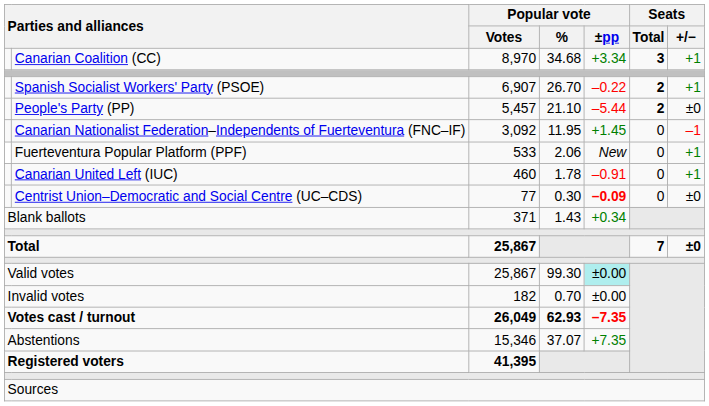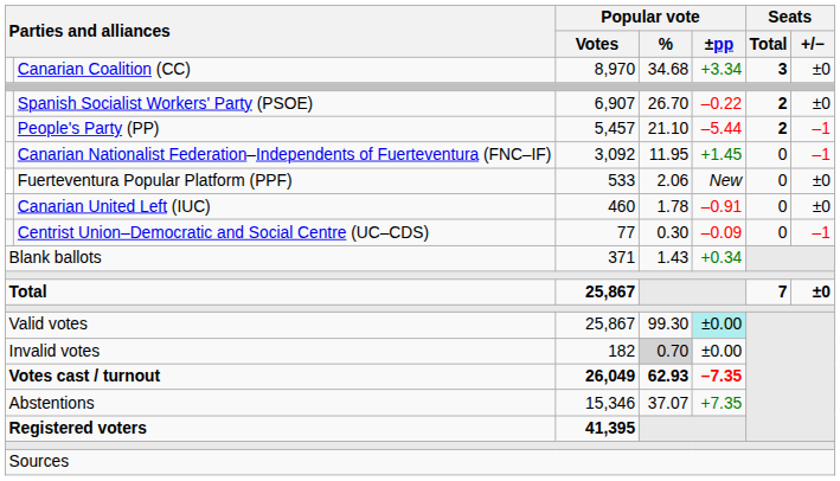 <table class="wikitable" style="text-align:right;">
 <tr>
 <th style="text-align:left;" rowspan="2" colspan="2" width="525">Parties and alliances</th>
 <th colspan="3">Popular vote</th>
 <th colspan="2">Seats</th>
 </tr>
 <tr>
 <th width="75">Votes</th>
 <th width="45">%</th>
 <th width="45">±<a href='#'>pp</a></th>
 <th width="35">Total</th>
 <th width="35">+/−</th>
 </tr>
 <tr>
 <td width="1" style="color:inherit;background:"></td>
 <td align="left"><a href='#'>Canarian Coalition</a> (CC)</td>
 <td>8,970</td>
 <td>34.68</td>
 <td style="color:green;">+3.34</td>
 <td><strong>3</strong></td>
-<td style="color:green;">+1</td>
+<td>±0</td>
 </tr>
 <tr>
 <td colspan="7" bgcolor="#C0C0C0"></td>
 </tr>
 <tr>
 <td style="color:inherit;background:"></td>
 <td align="left"><a href='#'>Spanish Socialist Workers' Party</a> (PSOE)</td>
 <td>6,907</td>
 <td>26.70</td>
 <td style="color:red;">–0.22</td>
 <td><strong>2</strong></td>
-<td style="color:green;">+1</td>
+<td>±0</td>
 </tr>
 <tr>
 <td style="color:inherit;background:"></td>
 <td align="left"><a href='#'>People's Party</a> (PP)</td>
 <td>5,457</td>
 <td>21.10</td>
 <td style="color:red;">–5.44</td>
 <td><strong>2</strong></td>
-<td>±0</td>
+<td style="color:red;">–1</td>
 </tr>
 <tr>
 <td style="color:inherit;background:"></td>
 <td align="left"><a href='#'>Canarian Nationalist Federation</a>–<a href='#'>Independents of Fuerteventura</a> (FNC–IF)</td>
 <td>3,092</td>
 <td>11.95</td>
 <td style="color:green;">+1.45</td>
 <td>0</td>
 <td style="color:red;">–1</td>
 </tr>
 <tr>
 <td bgcolor="white"></td>
 <td align="left">Fuerteventura Popular Platform (PPF)</td>
 <td>533</td>
 <td>2.06</td>
 <td><em>New</em></td>
 <td>0</td>
-<td style="color:green;">+1</td>
+<td>±0</td>
 </tr>
 <tr>
 <td style="color:inherit;background:"></td>
 <td align="left"><a href='#'>Canarian United Left</a> (IUC)</td>
 <td>460</td>
 <td>1.78</td>
 <td style="color:red;">–0.91</td>
 <td>0</td>
-<td style="color:green;">+1</td>
+<td>±0</td>
 </tr>
 <tr>
 <td style="color:inherit;background:"></td>
 <td align="left"><a href='#'>Centrist Union–Democratic and Social Centre</a> (UC–CDS)</td>
 <td>77</td>
 <td>0.30</td>
-<td style="color:red;"><strong>–0.09</strong></td>
+<td style="color:red;">–0.09</td>
 <td>0</td>
-<td>±0</td>
+<td style="color:red;">–1</td>
 </tr>
 <tr>
 <td align="left" colspan="2">Blank ballots</td>
 <td>371</td>
 <td>1.43</td>
 <td style="color:green;">+0.34</td>
 <td bgcolor="#E9E9E9" colspan="2"></td>
 </tr>
 <tr>
 <td colspan="7" bgcolor="#E9E9E9"></td>
 </tr>
 <tr style="font-weight:bold;">
 <td align="left" colspan="2">Total</td>
 <td>25,867</td>
 <td bgcolor="#E9E9E9" colspan="2"></td>
 <td>7</td>
 <td>±0</td>
 </tr>
 <tr>
 <td colspan="7" bgcolor="#E9E9E9"></td>
 </tr>
 <tr>
 <td align="left" colspan="2">Valid votes</td>
 <td>25,867</td>
 <td>99.30</td>
 <td style="background: paleturquoise;">±0.00</td>
 <td bgcolor="#E9E9E9" colspan="2" rowspan="5"></td>
 </tr>
 <tr>
 <td align="left" colspan="2">Invalid votes</td>
 <td>182</td>
-<td>0.70</td>
+<td style="background: lightgrey;">0.70</td>
 <td>±0.00</td>
 </tr>
 <tr style="font-weight:bold;">
 <td align="left" colspan="2">Votes cast / turnout</td>
 <td>26,049</td>
 <td>62.93</td>
 <td style="color:red;">–7.35</td>
 </tr>
 <tr>
 <td align="left" colspan="2">Abstentions</td>
 <td>15,346</td>
 <td>37.07</td>
 <td style="color:green;">+7.35</td>
 </tr>
 <tr style="font-weight:bold;">
 <td align="left" colspan="2">Registered voters</td>
 <td>41,395</td>
 <td bgcolor="#E9E9E9" colspan="2"></td>
 </tr>
 <tr>
 <td colspan="7" bgcolor="#E9E9E9"></td>
 </tr>
 <tr>
 <td align="left" colspan="7">Sources</td>
 </tr>
 </table>
